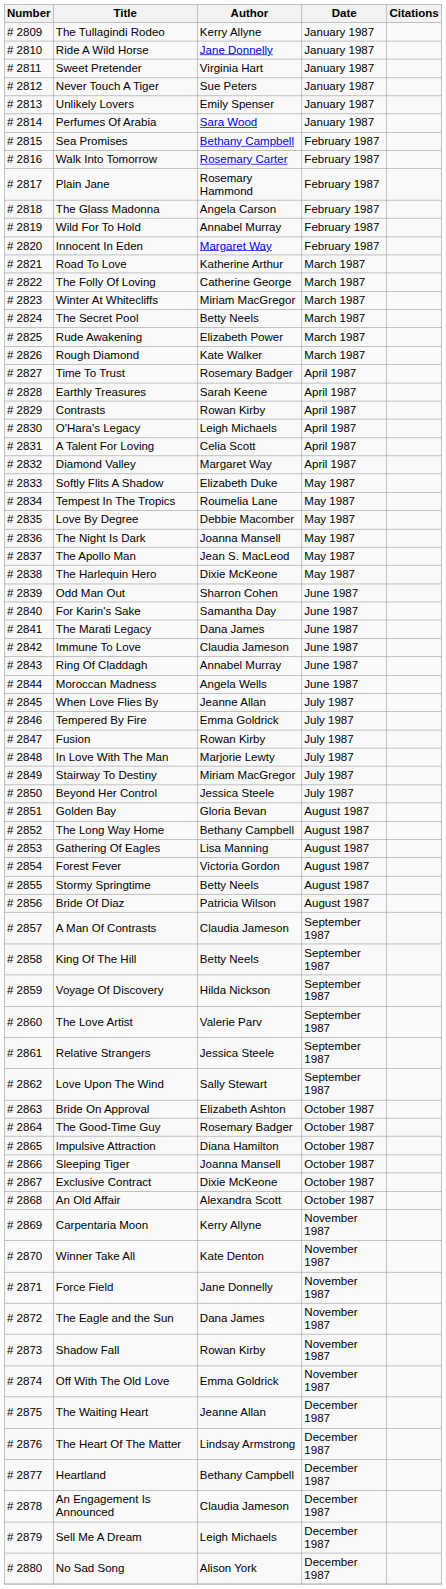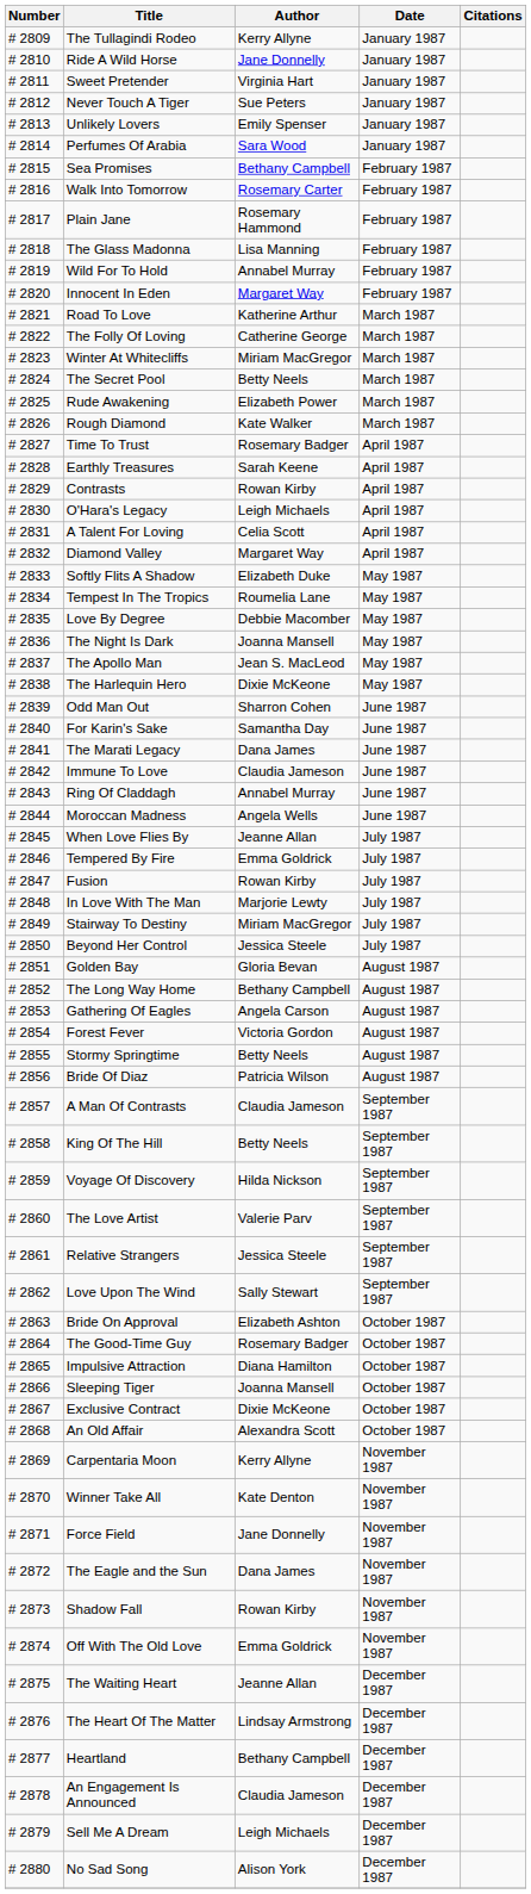 <table class="wikitable">
 <tr>
 <th>Number</th>
 <th>Title</th>
 <th>Author</th>
 <th>Date</th>
 <th>Citations</th>
 </tr>
 <tr>
 <td># 2809</td>
 <td>The Tullagindi Rodeo</td>
 <td>Kerry Allyne</td>
 <td>January 1987</td>
 <td></td>
 </tr>
 <tr>
 <td># 2810</td>
 <td>Ride A Wild Horse</td>
 <td><a href='#'>Jane Donnelly</a></td>
 <td>January 1987</td>
 <td></td>
 </tr>
 <tr>
 <td># 2811</td>
 <td>Sweet Pretender</td>
 <td>Virginia Hart</td>
 <td>January 1987</td>
 <td></td>
 </tr>
 <tr>
 <td># 2812</td>
 <td>Never Touch A Tiger</td>
 <td>Sue Peters</td>
 <td>January 1987</td>
 <td></td>
 </tr>
 <tr>
 <td># 2813</td>
 <td>Unlikely Lovers</td>
 <td>Emily Spenser</td>
 <td>January 1987</td>
 <td></td>
 </tr>
 <tr>
 <td># 2814</td>
 <td>Perfumes Of Arabia</td>
 <td><a href='#'>Sara Wood</a></td>
 <td>January 1987</td>
 <td></td>
 </tr>
 <tr>
 <td># 2815</td>
 <td>Sea Promises</td>
 <td><a href='#'>Bethany Campbell</a></td>
 <td>February 1987</td>
 <td></td>
 </tr>
 <tr>
 <td># 2816</td>
 <td>Walk Into Tomorrow</td>
 <td><a href='#'>Rosemary Carter</a></td>
 <td>February 1987</td>
 <td></td>
 </tr>
 <tr>
 <td># 2817</td>
 <td>Plain Jane</td>
 <td>Rosemary Hammond</td>
 <td>February 1987</td>
 <td></td>
 </tr>
 <tr>
 <td># 2818</td>
 <td>The Glass Madonna</td>
-<td>Angela Carson</td>
+<td>Lisa Manning</td>
 <td>February 1987</td>
 <td></td>
 </tr>
 <tr>
 <td># 2819</td>
 <td>Wild For To Hold</td>
 <td>Annabel Murray</td>
 <td>February 1987</td>
 <td></td>
 </tr>
 <tr>
 <td># 2820</td>
 <td>Innocent In Eden</td>
 <td><a href='#'>Margaret Way</a></td>
 <td>February 1987</td>
 <td></td>
 </tr>
 <tr>
 <td># 2821</td>
 <td>Road To Love</td>
 <td>Katherine Arthur</td>
 <td>March 1987</td>
 <td></td>
 </tr>
 <tr>
 <td># 2822</td>
 <td>The Folly Of Loving</td>
 <td>Catherine George</td>
 <td>March 1987</td>
 <td></td>
 </tr>
 <tr>
 <td># 2823</td>
 <td>Winter At Whitecliffs</td>
 <td>Miriam MacGregor</td>
 <td>March 1987</td>
 <td></td>
 </tr>
 <tr>
 <td># 2824</td>
 <td>The Secret Pool</td>
 <td>Betty Neels</td>
 <td>March 1987</td>
 <td></td>
 </tr>
 <tr>
 <td># 2825</td>
 <td>Rude Awakening</td>
 <td>Elizabeth Power</td>
 <td>March 1987</td>
 <td></td>
 </tr>
 <tr>
 <td># 2826</td>
 <td>Rough Diamond</td>
 <td>Kate Walker</td>
 <td>March 1987</td>
 <td></td>
 </tr>
 <tr>
 <td># 2827</td>
 <td>Time To Trust</td>
 <td>Rosemary Badger</td>
 <td>April 1987</td>
 <td></td>
 </tr>
 <tr>
 <td># 2828</td>
 <td>Earthly Treasures</td>
 <td>Sarah Keene</td>
 <td>April 1987</td>
 <td></td>
 </tr>
 <tr>
 <td># 2829</td>
 <td>Contrasts</td>
 <td>Rowan Kirby</td>
 <td>April 1987</td>
 <td></td>
 </tr>
 <tr>
 <td># 2830</td>
 <td>O'Hara's Legacy</td>
 <td>Leigh Michaels</td>
 <td>April 1987</td>
 <td></td>
 </tr>
 <tr>
 <td># 2831</td>
 <td>A Talent For Loving</td>
 <td>Celia Scott</td>
 <td>April 1987</td>
 <td></td>
 </tr>
 <tr>
 <td># 2832</td>
 <td>Diamond Valley</td>
 <td>Margaret Way</td>
 <td>April 1987</td>
 <td></td>
 </tr>
 <tr>
 <td># 2833</td>
 <td>Softly Flits A Shadow</td>
 <td>Elizabeth Duke</td>
 <td>May 1987</td>
 <td></td>
 </tr>
 <tr>
 <td># 2834</td>
 <td>Tempest In The Tropics</td>
 <td>Roumelia Lane</td>
 <td>May 1987</td>
 <td></td>
 </tr>
 <tr>
 <td># 2835</td>
 <td>Love By Degree</td>
 <td>Debbie Macomber</td>
 <td>May 1987</td>
 <td></td>
 </tr>
 <tr>
 <td># 2836</td>
 <td>The Night Is Dark</td>
 <td>Joanna Mansell</td>
 <td>May 1987</td>
 <td></td>
 </tr>
 <tr>
 <td># 2837</td>
 <td>The Apollo Man</td>
 <td>Jean S. MacLeod</td>
 <td>May 1987</td>
 <td></td>
 </tr>
 <tr>
 <td># 2838</td>
 <td>The Harlequin Hero</td>
 <td>Dixie McKeone</td>
 <td>May 1987</td>
 <td></td>
 </tr>
 <tr>
 <td># 2839</td>
 <td>Odd Man Out</td>
 <td>Sharron Cohen</td>
 <td>June 1987</td>
 <td></td>
 </tr>
 <tr>
 <td># 2840</td>
 <td>For Karin's Sake</td>
 <td>Samantha Day</td>
 <td>June 1987</td>
 <td></td>
 </tr>
 <tr>
 <td># 2841</td>
 <td>The Marati Legacy</td>
 <td>Dana James</td>
 <td>June 1987</td>
 <td></td>
 </tr>
 <tr>
 <td># 2842</td>
 <td>Immune To Love</td>
 <td>Claudia Jameson</td>
 <td>June 1987</td>
 <td></td>
 </tr>
 <tr>
 <td># 2843</td>
 <td>Ring Of Claddagh</td>
 <td>Annabel Murray</td>
 <td>June 1987</td>
 <td></td>
 </tr>
 <tr>
 <td># 2844</td>
 <td>Moroccan Madness</td>
 <td>Angela Wells</td>
 <td>June 1987</td>
 <td></td>
 </tr>
 <tr>
 <td># 2845</td>
 <td>When Love Flies By</td>
 <td>Jeanne Allan</td>
 <td>July 1987</td>
 <td></td>
 </tr>
 <tr>
 <td># 2846</td>
 <td>Tempered By Fire</td>
 <td>Emma Goldrick</td>
 <td>July 1987</td>
 <td></td>
 </tr>
 <tr>
 <td># 2847</td>
 <td>Fusion</td>
 <td>Rowan Kirby</td>
 <td>July 1987</td>
 <td></td>
 </tr>
 <tr>
 <td># 2848</td>
 <td>In Love With The Man</td>
 <td>Marjorie Lewty</td>
 <td>July 1987</td>
 <td></td>
 </tr>
 <tr>
 <td># 2849</td>
 <td>Stairway To Destiny</td>
 <td>Miriam MacGregor</td>
 <td>July 1987</td>
 <td></td>
 </tr>
 <tr>
 <td># 2850</td>
 <td>Beyond Her Control</td>
 <td>Jessica Steele</td>
 <td>July 1987</td>
 <td></td>
 </tr>
 <tr>
 <td># 2851</td>
 <td>Golden Bay</td>
 <td>Gloria Bevan</td>
 <td>August 1987</td>
 <td></td>
 </tr>
 <tr>
 <td># 2852</td>
 <td>The Long Way Home</td>
 <td>Bethany Campbell</td>
 <td>August 1987</td>
 <td></td>
 </tr>
 <tr>
 <td># 2853</td>
 <td>Gathering Of Eagles</td>
-<td>Lisa Manning</td>
+<td>Angela Carson</td>
 <td>August 1987</td>
 <td></td>
 </tr>
 <tr>
 <td># 2854</td>
 <td>Forest Fever</td>
 <td>Victoria Gordon</td>
 <td>August 1987</td>
 <td></td>
 </tr>
 <tr>
 <td># 2855</td>
 <td>Stormy Springtime</td>
 <td>Betty Neels</td>
 <td>August 1987</td>
 <td></td>
 </tr>
 <tr>
 <td># 2856</td>
 <td>Bride Of Diaz</td>
 <td>Patricia Wilson</td>
 <td>August 1987</td>
 <td></td>
 </tr>
 <tr>
 <td># 2857</td>
 <td>A Man Of Contrasts</td>
 <td>Claudia Jameson</td>
 <td>September 1987</td>
 <td></td>
 </tr>
 <tr>
 <td># 2858</td>
 <td>King Of The Hill</td>
 <td>Betty Neels</td>
 <td>September 1987</td>
 <td></td>
 </tr>
 <tr>
 <td># 2859</td>
 <td>Voyage Of Discovery</td>
 <td>Hilda Nickson</td>
 <td>September 1987</td>
 <td></td>
 </tr>
 <tr>
 <td># 2860</td>
 <td>The Love Artist</td>
 <td>Valerie Parv</td>
 <td>September 1987</td>
 <td></td>
 </tr>
 <tr>
 <td># 2861</td>
 <td>Relative Strangers</td>
 <td>Jessica Steele</td>
 <td>September 1987</td>
 <td></td>
 </tr>
 <tr>
 <td># 2862</td>
 <td>Love Upon The Wind</td>
 <td>Sally Stewart</td>
 <td>September 1987</td>
 <td></td>
 </tr>
 <tr>
 <td># 2863</td>
 <td>Bride On Approval</td>
 <td>Elizabeth Ashton</td>
 <td>October 1987</td>
 <td></td>
 </tr>
 <tr>
 <td># 2864</td>
 <td>The Good-Time Guy</td>
 <td>Rosemary Badger</td>
 <td>October 1987</td>
 <td></td>
 </tr>
 <tr>
 <td># 2865</td>
 <td>Impulsive Attraction</td>
 <td>Diana Hamilton</td>
 <td>October 1987</td>
 <td></td>
 </tr>
 <tr>
 <td># 2866</td>
 <td>Sleeping Tiger</td>
 <td>Joanna Mansell</td>
 <td>October 1987</td>
 <td></td>
 </tr>
 <tr>
 <td># 2867</td>
 <td>Exclusive Contract</td>
 <td>Dixie McKeone</td>
 <td>October 1987</td>
 <td></td>
 </tr>
 <tr>
 <td># 2868</td>
 <td>An Old Affair</td>
 <td>Alexandra Scott</td>
 <td>October 1987</td>
 <td></td>
 </tr>
 <tr>
 <td># 2869</td>
 <td>Carpentaria Moon</td>
 <td>Kerry Allyne</td>
 <td>November 1987</td>
 <td></td>
 </tr>
 <tr>
 <td># 2870</td>
 <td>Winner Take All</td>
 <td>Kate Denton</td>
 <td>November 1987</td>
 <td></td>
 </tr>
 <tr>
 <td># 2871</td>
 <td>Force Field</td>
 <td>Jane Donnelly</td>
 <td>November 1987</td>
 <td></td>
 </tr>
 <tr>
 <td># 2872</td>
 <td>The Eagle and the Sun</td>
 <td>Dana James</td>
 <td>November 1987</td>
 <td></td>
 </tr>
 <tr>
 <td># 2873</td>
 <td>Shadow Fall</td>
 <td>Rowan Kirby</td>
 <td>November 1987</td>
 <td></td>
 </tr>
 <tr>
 <td># 2874</td>
 <td>Off With The Old Love</td>
 <td>Emma Goldrick</td>
 <td>November 1987</td>
 <td></td>
 </tr>
 <tr>
 <td># 2875</td>
 <td>The Waiting Heart</td>
 <td>Jeanne Allan</td>
 <td>December 1987</td>
 <td></td>
 </tr>
 <tr>
 <td># 2876</td>
 <td>The Heart Of The Matter</td>
 <td>Lindsay Armstrong</td>
 <td>December 1987</td>
 <td></td>
 </tr>
 <tr>
 <td># 2877</td>
 <td>Heartland</td>
 <td>Bethany Campbell</td>
 <td>December 1987</td>
 <td></td>
 </tr>
 <tr>
 <td># 2878</td>
 <td>An Engagement Is Announced</td>
 <td>Claudia Jameson</td>
 <td>December 1987</td>
 <td></td>
 </tr>
 <tr>
 <td># 2879</td>
 <td>Sell Me A Dream</td>
 <td>Leigh Michaels</td>
 <td>December 1987</td>
 <td></td>
 </tr>
 <tr>
 <td># 2880</td>
 <td>No Sad Song</td>
 <td>Alison York</td>
 <td>December 1987</td>
 <td></td>
 </tr>
 <tr>
 </tr>
 </table>
